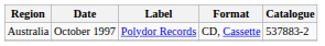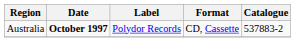 <table class="wikitable">
 <tr>
 <th>Region</th>
 <th>Date</th>
 <th>Label</th>
 <th>Format</th>
 <th>Catalogue</th>
 </tr>
 <tr>
 <td>Australia</td>
-<td>October 1997</td>
+<td><strong>October 1997</strong></td>
 <td><a href='#'>Polydor Records</a></td>
 <td>CD, <a href='#'>Cassette</a></td>
 <td>537883-2</td>
 </tr>
 <tr>
 </tr>
 </table>
